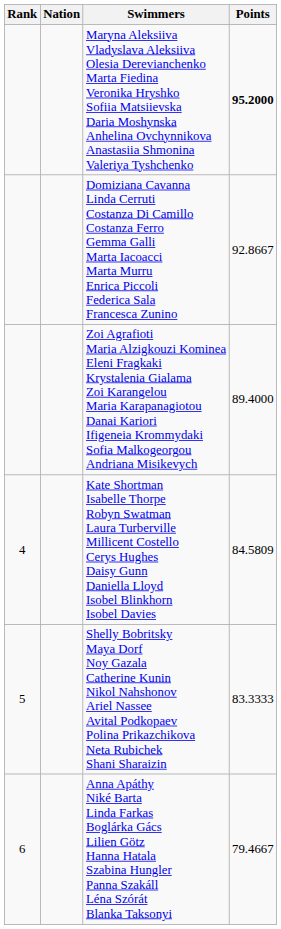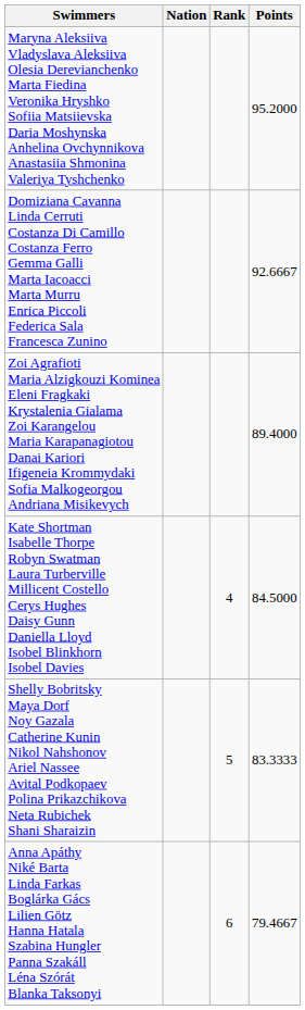 <table class="wikitable sortable" style="text-align:center">
 <tr>
+<th class=unsortable>Swimmers</th>
+<th>Nation</th>
 <th>Rank</th>
-<th>Nation</th>
-<th class=unsortable>Swimmers</th>
 <th>Points</th>
 </tr>
 <tr>
+<td align=left><a href='#'>Maryna Aleksiiva</a><br><a href='#'>Vladyslava Aleksiiva</a><br><a href='#'>Olesia Derevianchenko</a><br><a href='#'>Marta Fiedina</a><br><a href='#'>Veronika Hryshko</a><br><a href='#'>Sofiia Matsiievska</a><br><a href='#'>Daria Moshynska</a><br><a href='#'>Anhelina Ovchynnikova</a><br><a href='#'>Anastasiia Shmonina</a><br><a href='#'>Valeriya Tyshchenko</a></td>
+<td align=left></td>
 <td></td>
-<td align=left></td>
-<td align=left><a href='#'>Maryna Aleksiiva</a><br><a href='#'>Vladyslava Aleksiiva</a><br><a href='#'>Olesia Derevianchenko</a><br><a href='#'>Marta Fiedina</a><br><a href='#'>Veronika Hryshko</a><br><a href='#'>Sofiia Matsiievska</a><br><a href='#'>Daria Moshynska</a><br><a href='#'>Anhelina Ovchynnikova</a><br><a href='#'>Anastasiia Shmonina</a><br><a href='#'>Valeriya Tyshchenko</a></td>
-<td><strong>95.2000</strong></td>
+<td>95.2000</td>
 </tr>
 <tr>
+<td align=left><a href='#'>Domiziana Cavanna</a><br><a href='#'>Linda Cerruti</a><br><a href='#'>Costanza Di Camillo</a><br><a href='#'>Costanza Ferro</a><br><a href='#'>Gemma Galli</a><br><a href='#'>Marta Iacoacci</a><br><a href='#'>Marta Murru</a><br><a href='#'>Enrica Piccoli</a><br><a href='#'>Federica Sala</a><br><a href='#'>Francesca Zunino</a></td>
+<td align=left></td>
 <td></td>
-<td align=left></td>
-<td align=left><a href='#'>Domiziana Cavanna</a><br><a href='#'>Linda Cerruti</a><br><a href='#'>Costanza Di Camillo</a><br><a href='#'>Costanza Ferro</a><br><a href='#'>Gemma Galli</a><br><a href='#'>Marta Iacoacci</a><br><a href='#'>Marta Murru</a><br><a href='#'>Enrica Piccoli</a><br><a href='#'>Federica Sala</a><br><a href='#'>Francesca Zunino</a></td>
-<td>92.8667</td>
+<td>92.6667</td>
 </tr>
 <tr>
+<td align=left><a href='#'>Zoi Agrafioti</a><br><a href='#'>Maria Alzigkouzi Kominea</a><br><a href='#'>Eleni Fragkaki</a><br><a href='#'>Krystalenia Gialama</a><br><a href='#'>Zoi Karangelou</a><br><a href='#'>Maria Karapanagiotou</a><br><a href='#'>Danai Kariori</a><br><a href='#'>Ifigeneia Krommydaki</a><br><a href='#'>Sofia Malkogeorgou</a><br><a href='#'>Andriana Misikevych</a></td>
+<td align=left></td>
 <td></td>
-<td align=left></td>
-<td align=left><a href='#'>Zoi Agrafioti</a><br><a href='#'>Maria Alzigkouzi Kominea</a><br><a href='#'>Eleni Fragkaki</a><br><a href='#'>Krystalenia Gialama</a><br><a href='#'>Zoi Karangelou</a><br><a href='#'>Maria Karapanagiotou</a><br><a href='#'>Danai Kariori</a><br><a href='#'>Ifigeneia Krommydaki</a><br><a href='#'>Sofia Malkogeorgou</a><br><a href='#'>Andriana Misikevych</a></td>
 <td>89.4000</td>
 </tr>
 <tr>
+<td align=left><a href='#'>Kate Shortman</a><br><a href='#'>Isabelle Thorpe</a><br><a href='#'>Robyn Swatman</a><br><a href='#'>Laura Turberville</a><br><a href='#'>Millicent Costello</a><br><a href='#'>Cerys Hughes</a><br><a href='#'>Daisy Gunn</a><br><a href='#'>Daniella Lloyd</a><br><a href='#'>Isobel Blinkhorn</a><br><a href='#'>Isobel Davies</a></td>
+<td align=left></td>
 <td>4</td>
-<td align=left></td>
-<td align=left><a href='#'>Kate Shortman</a><br><a href='#'>Isabelle Thorpe</a><br><a href='#'>Robyn Swatman</a><br><a href='#'>Laura Turberville</a><br><a href='#'>Millicent Costello</a><br><a href='#'>Cerys Hughes</a><br><a href='#'>Daisy Gunn</a><br><a href='#'>Daniella Lloyd</a><br><a href='#'>Isobel Blinkhorn</a><br><a href='#'>Isobel Davies</a></td>
-<td>84.5809</td>
+<td>84.5000</td>
 </tr>
 <tr>
+<td align=left><a href='#'>Shelly Bobritsky</a><br><a href='#'>Maya Dorf</a><br><a href='#'>Noy Gazala</a><br><a href='#'>Catherine Kunin</a><br><a href='#'>Nikol Nahshonov</a><br><a href='#'>Ariel Nassee</a><br><a href='#'>Avital Podkopaev</a><br><a href='#'>Polina Prikazchikova</a><br><a href='#'>Neta Rubichek</a><br><a href='#'>Shani Sharaizin</a></td>
+<td align=left></td>
 <td>5</td>
-<td align=left></td>
-<td align=left><a href='#'>Shelly Bobritsky</a><br><a href='#'>Maya Dorf</a><br><a href='#'>Noy Gazala</a><br><a href='#'>Catherine Kunin</a><br><a href='#'>Nikol Nahshonov</a><br><a href='#'>Ariel Nassee</a><br><a href='#'>Avital Podkopaev</a><br><a href='#'>Polina Prikazchikova</a><br><a href='#'>Neta Rubichek</a><br><a href='#'>Shani Sharaizin</a></td>
 <td>83.3333</td>
 </tr>
 <tr>
+<td align=left><a href='#'>Anna Apáthy</a><br><a href='#'>Niké Barta</a><br><a href='#'>Linda Farkas</a><br><a href='#'>Boglárka Gács</a><br><a href='#'>Lilien Götz</a><br><a href='#'>Hanna Hatala</a><br><a href='#'>Szabina Hungler</a><br><a href='#'>Panna Szakáll</a><br><a href='#'>Léna Szórát</a><br><a href='#'>Blanka Taksonyi</a></td>
+<td align=left></td>
 <td>6</td>
-<td align=left></td>
-<td align=left><a href='#'>Anna Apáthy</a><br><a href='#'>Niké Barta</a><br><a href='#'>Linda Farkas</a><br><a href='#'>Boglárka Gács</a><br><a href='#'>Lilien Götz</a><br><a href='#'>Hanna Hatala</a><br><a href='#'>Szabina Hungler</a><br><a href='#'>Panna Szakáll</a><br><a href='#'>Léna Szórát</a><br><a href='#'>Blanka Taksonyi</a></td>
 <td>79.4667</td>
 </tr>
 </table>
